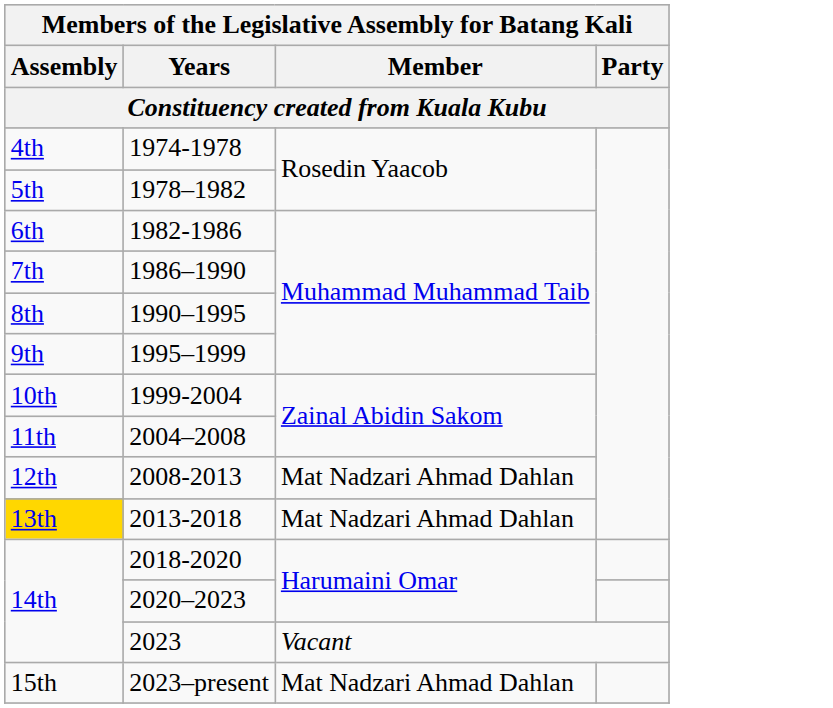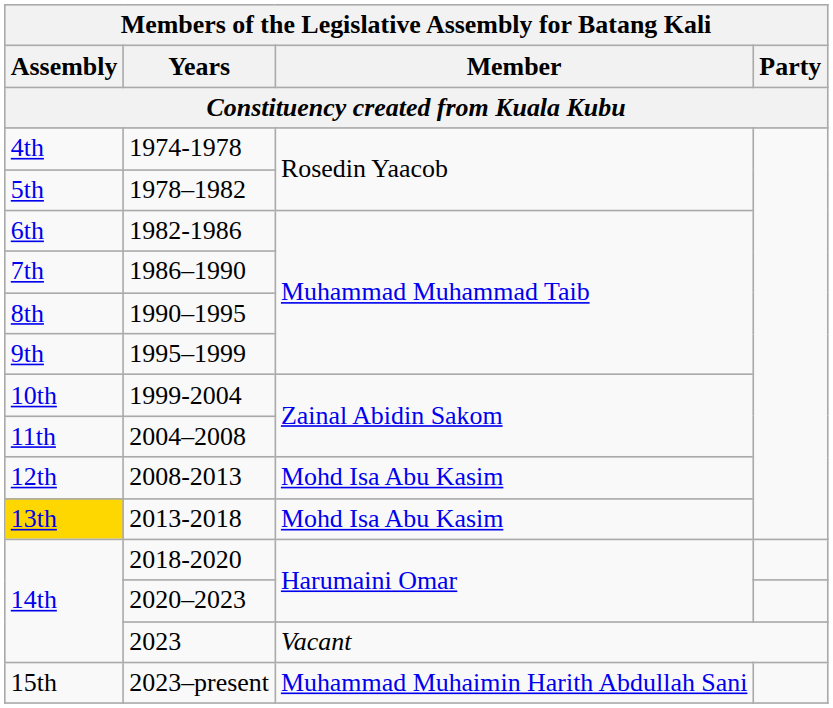 <table class=wikitable>
 <tr>
 <th colspan=4>Members of the Legislative Assembly for Batang Kali</th>
 </tr>
 <tr>
 <th>Assembly</th>
 <th>Years</th>
 <th>Member</th>
 <th>Party</th>
 </tr>
 <tr>
 <th colspan=4 align=center><em>Constituency created from Kuala Kubu</em></th>
 </tr>
 <tr>
 <td><a href='#'>4th</a></td>
 <td>1974-1978</td>
 <td rowspan=2>Rosedin Yaacob</td>
 <td rowspan=10></td>
 </tr>
 <tr>
 <td><a href='#'>5th</a></td>
 <td>1978–1982</td>
 </tr>
 <tr>
 <td><a href='#'>6th</a></td>
 <td>1982-1986</td>
 <td rowspan=4><a href='#'>Muhammad Muhammad Taib</a></td>
 </tr>
 <tr>
 <td><a href='#'>7th</a></td>
 <td>1986–1990</td>
 </tr>
 <tr>
 <td><a href='#'>8th</a></td>
 <td>1990–1995</td>
 </tr>
 <tr>
 <td><a href='#'>9th</a></td>
 <td>1995–1999</td>
 </tr>
 <tr>
 <td><a href='#'>10th</a></td>
 <td>1999-2004</td>
 <td rowspan=2><a href='#'>Zainal Abidin Sakom</a></td>
 </tr>
 <tr>
 <td><a href='#'>11th</a></td>
 <td>2004–2008</td>
 </tr>
 <tr>
 <td><a href='#'>12th</a></td>
 <td>2008-2013</td>
-<td>Mat Nadzari Ahmad Dahlan</td>
+<td><a href='#'>Mohd Isa Abu Kasim</a></td>
 </tr>
 <tr>
 <td style="background: gold;"><a href='#'>13th</a></td>
 <td>2013-2018</td>
-<td>Mat Nadzari Ahmad Dahlan</td>
+<td><a href='#'>Mohd Isa Abu Kasim</a></td>
 </tr>
 <tr>
 <td rowspan="3"><a href='#'>14th</a></td>
 <td>2018-2020</td>
 <td rowspan="2"><a href='#'>Harumaini Omar</a></td>
 <td></td>
 </tr>
 <tr>
 <td>2020–2023</td>
 <td></td>
 </tr>
 <tr>
 <td>2023</td>
 <td colspan="2"><em>Vacant</em></td>
 </tr>
 <tr>
 <td>15th</td>
 <td>2023–present</td>
-<td>Mat Nadzari Ahmad Dahlan</td>
+<td><a href='#'>Muhammad Muhaimin Harith Abdullah Sani</a></td>
 <td></td>
 </tr>
 </table>
